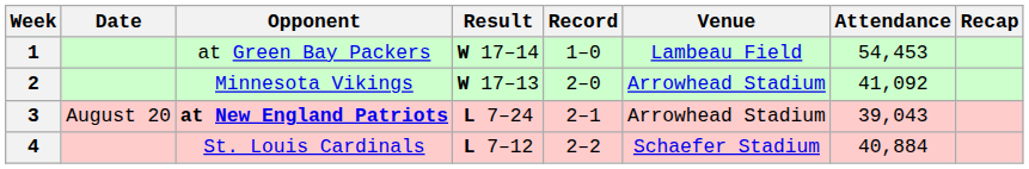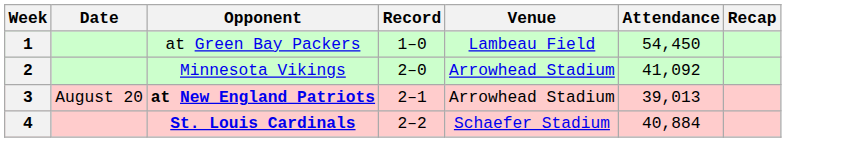 <table class="wikitable" style="text-align:center">
 <tr>
 <th>Week</th>
 <th>Date</th>
 <th>Opponent</th>
-<th>Result</th>
 <th>Record</th>
 <th>Venue</th>
 <th>Attendance</th>
 <th>Recap</th>
 </tr>
 <tr style="background:#cfc">
 <th>1</th>
 <td></td>
 <td>at <a href='#'>Green Bay Packers</a></td>
-<td><strong>W</strong> 17–14</td>
 <td>1–0</td>
 <td><a href='#'>Lambeau Field</a></td>
-<td>54,453</td>
+<td>54,450</td>
 <td></td>
 </tr>
 <tr style="background:#cfc">
 <th>2</th>
 <td></td>
 <td><a href='#'>Minnesota Vikings</a></td>
-<td><strong>W</strong> 17–13</td>
 <td>2–0</td>
 <td><a href='#'>Arrowhead Stadium</a></td>
 <td>41,092</td>
 <td></td>
 </tr>
 <tr style="background:#fcc">
 <th>3</th>
 <td>August 20</td>
 <td><strong>at <a href='#'>New England Patriots</a></strong></td>
-<td><strong>L</strong> 7–24</td>
 <td>2–1</td>
 <td>Arrowhead Stadium</td>
-<td>39,043</td>
+<td>39,013</td>
 <td></td>
 </tr>
 <tr style="background:#fcc">
 <th>4</th>
 <td></td>
-<td><a href='#'>St. Louis Cardinals</a></td>
-<td><strong>L</strong> 7–12</td>
+<td><strong><a href='#'>St. Louis Cardinals</a></strong></td>
 <td>2–2</td>
 <td><a href='#'>Schaefer Stadium</a></td>
 <td>40,884</td>
 <td></td>
 </tr>
 </table>
